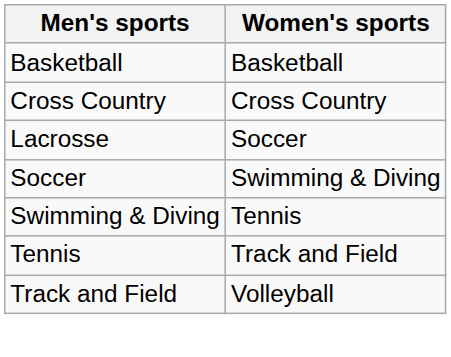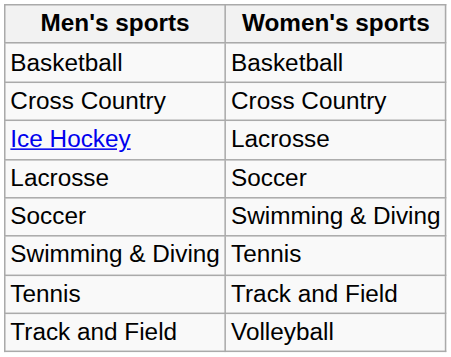 <table class="wikitable" border="1">
 <tr>
 <th width=xpx>Men's sports</th>
 <th width=xpx>Women's sports</th>
 </tr>
 <tr>
 <td>Basketball</td>
 <td>Basketball</td>
 </tr>
 <tr>
 <td>Cross Country</td>
 <td>Cross Country</td>
+</tr>
+<tr>
+<td><a href='#'>Ice Hockey</a></td>
+<td>Lacrosse</td>
 </tr>
 <tr>
 <td>Lacrosse</td>
 <td>Soccer</td>
 </tr>
 <tr>
 <td>Soccer</td>
 <td>Swimming & Diving</td>
 </tr>
 <tr>
 <td>Swimming & Diving</td>
 <td>Tennis</td>
 </tr>
 <tr>
 <td>Tennis</td>
 <td>Track and Field</td>
 </tr>
 <tr>
 <td>Track and Field</td>
 <td>Volleyball</td>
 </tr>
 </table>
